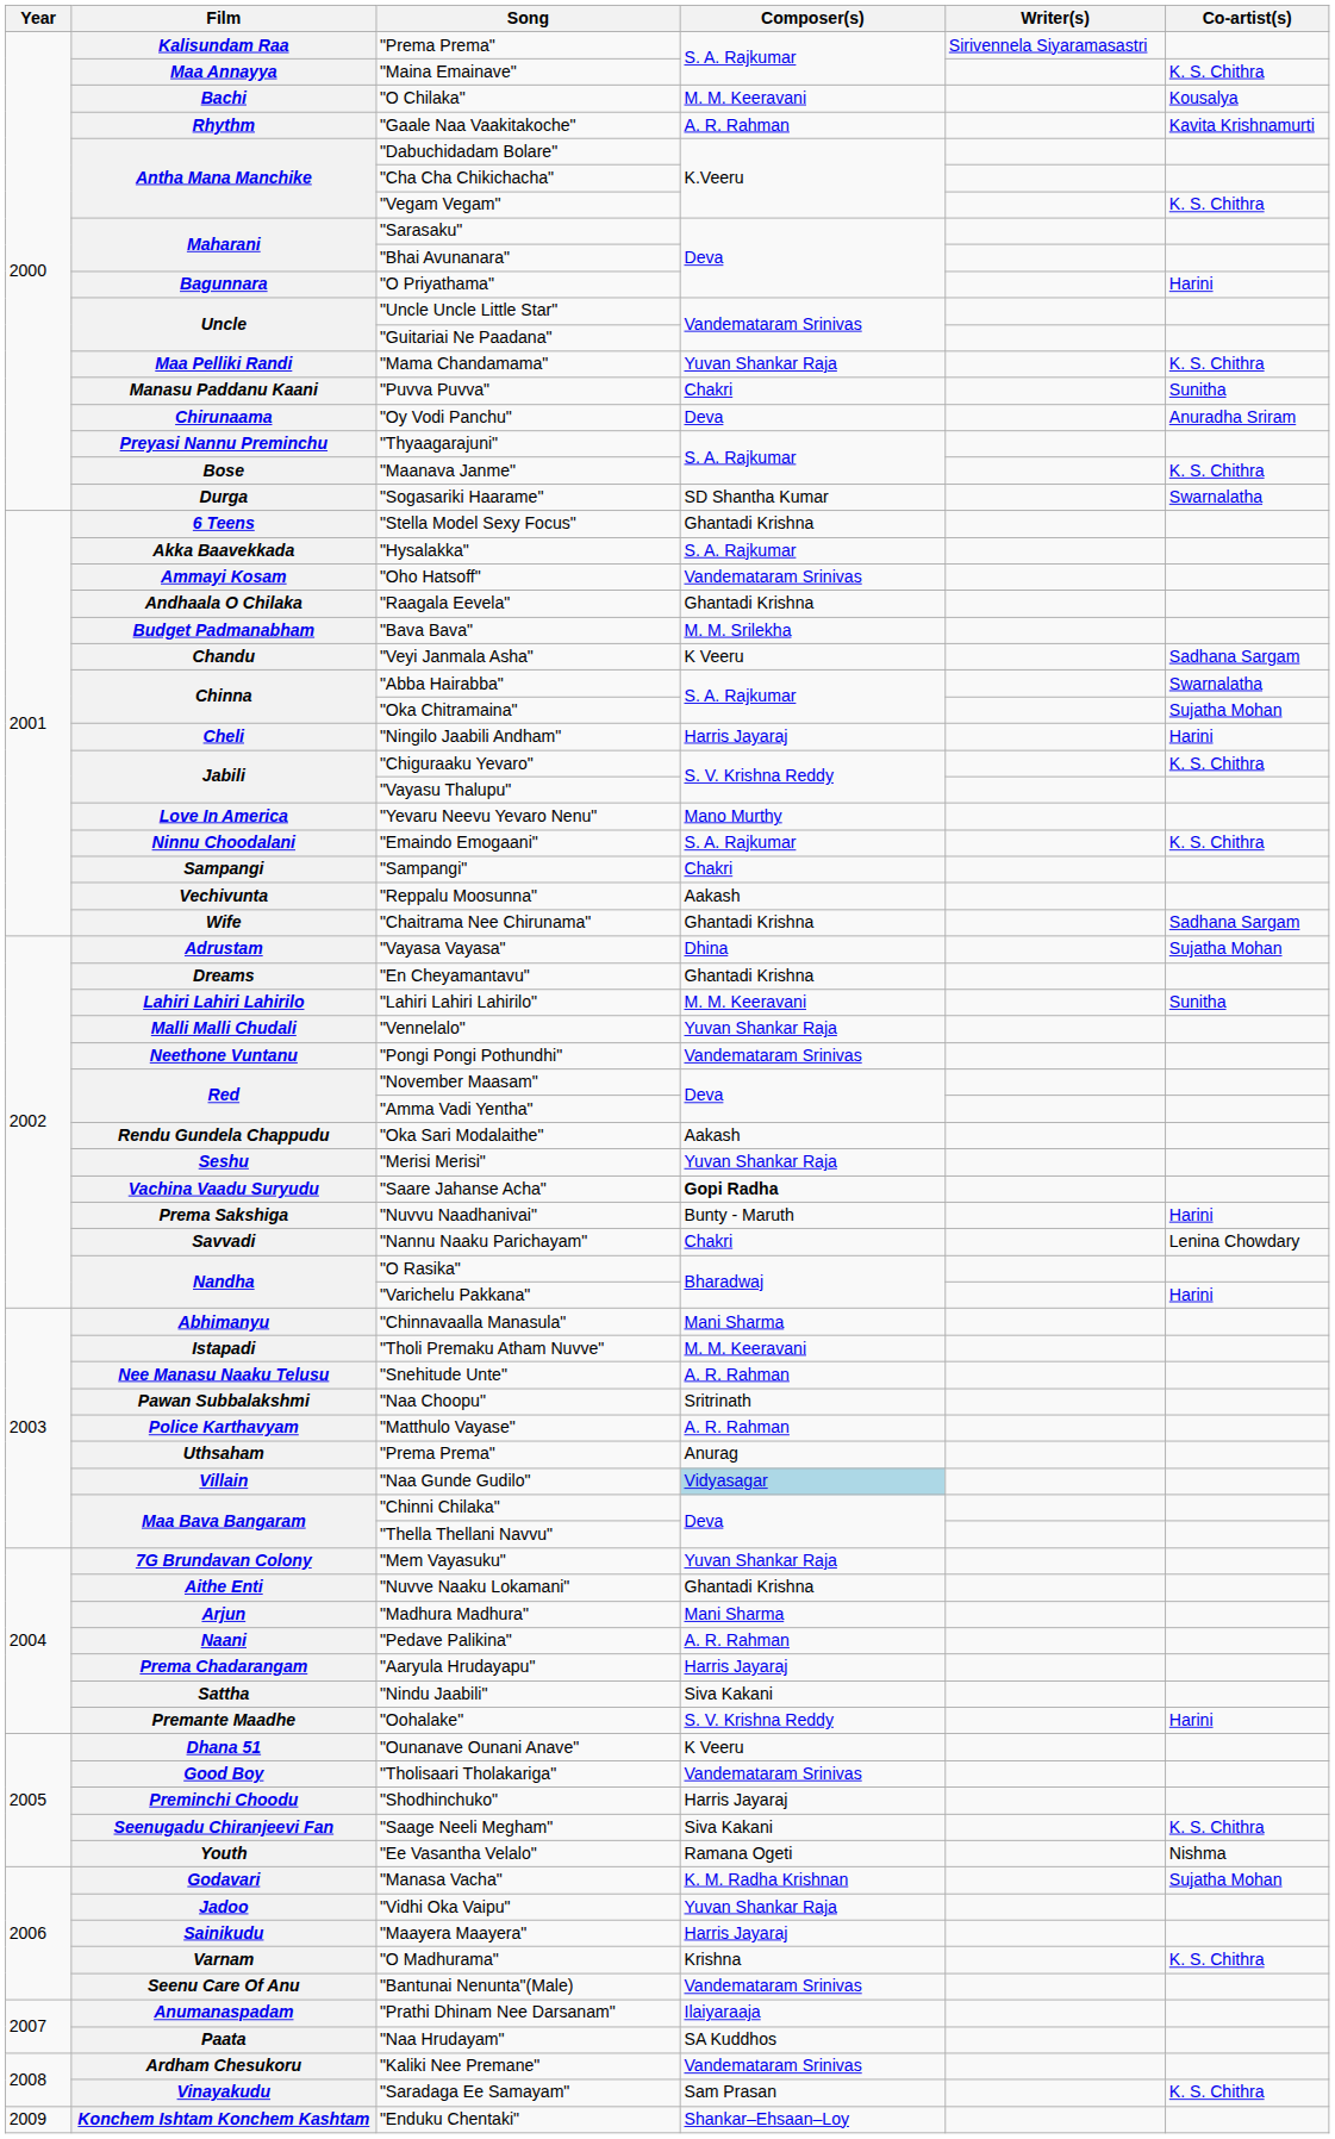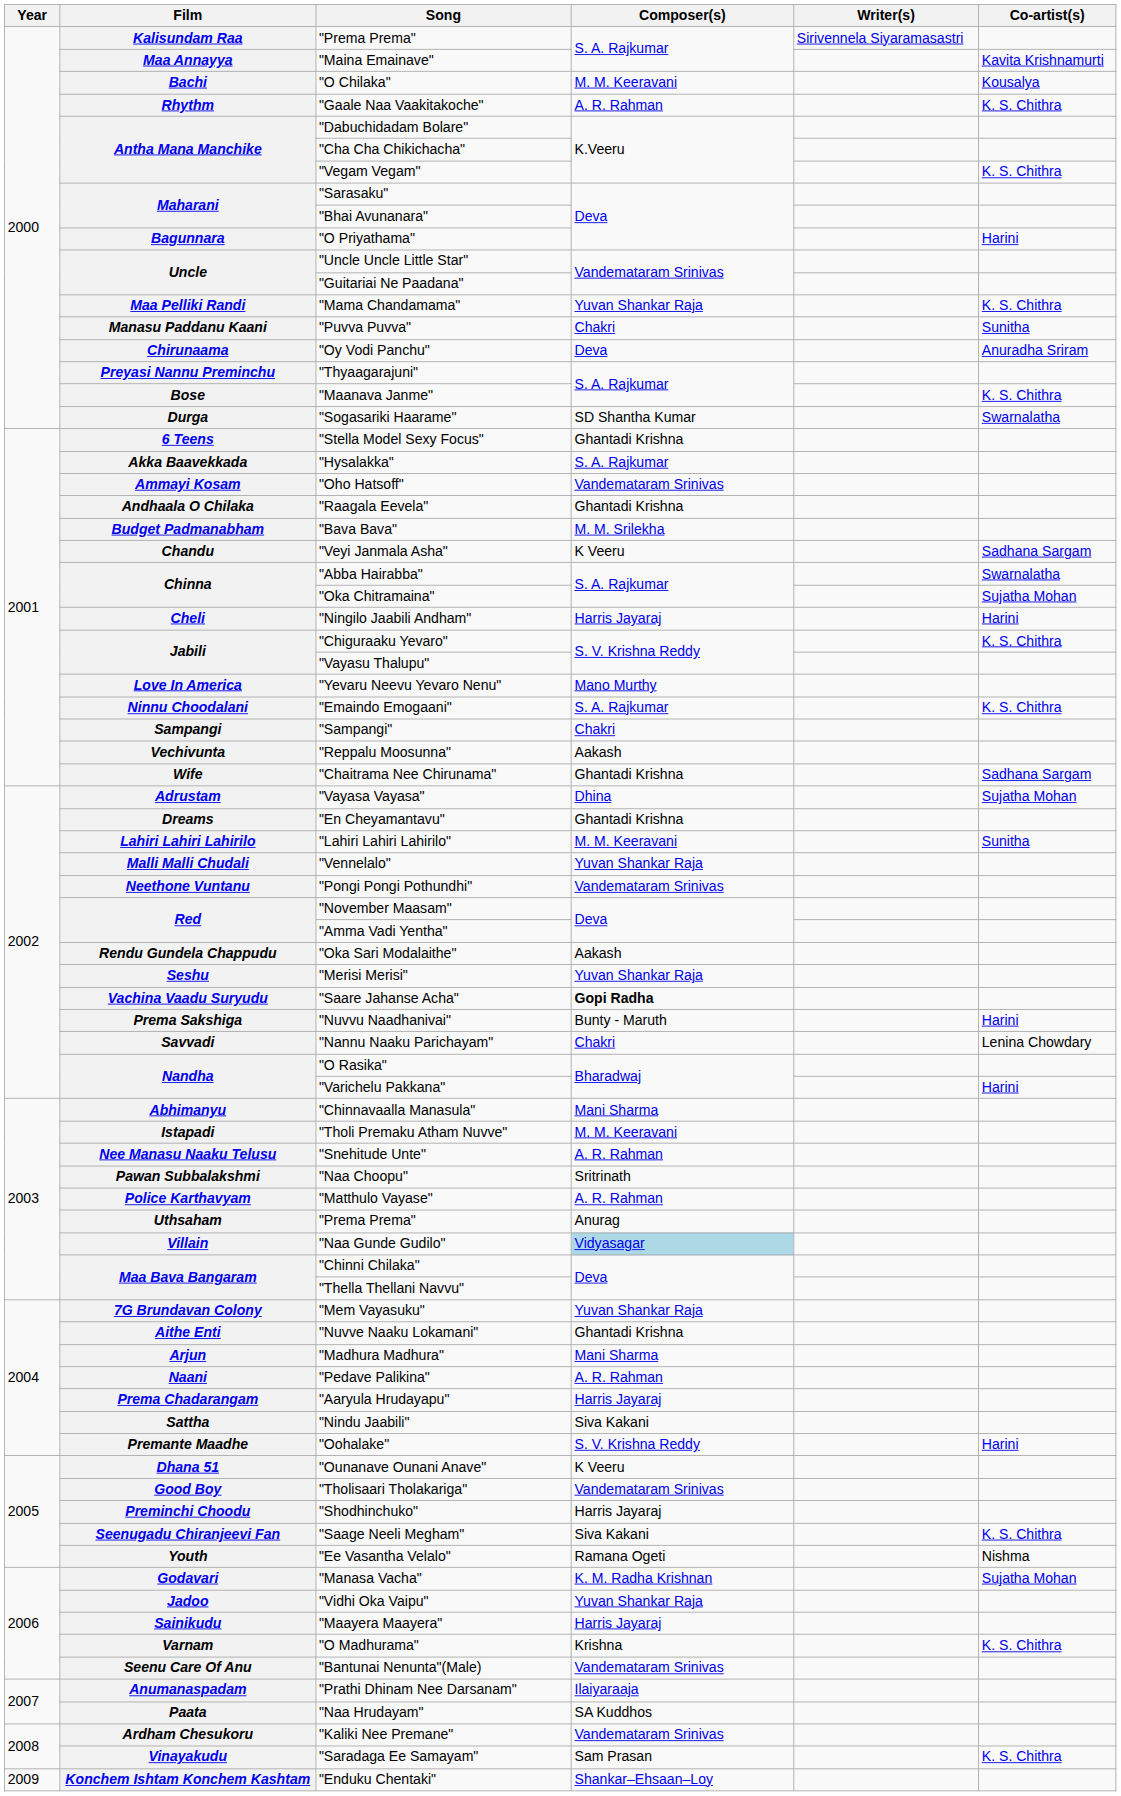 <table class="wikitable plainrowheaders" width="100%" textcolor:#000;">
 <tr style="background:#b0e0e66;">
 <th scope="col" width=5%><strong>Year</strong></th>
 <th scope="col" width=23%><strong>Film</strong></th>
 <th scope="col" width=23%><strong>Song</strong></th>
 <th scope="col" width=20%><strong>Composer(s)</strong></th>
 <th>Writer(s)</th>
 <th>Co-artist(s)</th>
 </tr>
 <tr>
 <td rowspan="18">2000</td>
 <th><em><a href='#'>Kalisundam Raa</a></em></th>
 <td>"Prema Prema"</td>
 <td rowspan="2"><a href='#'>S. A. Rajkumar</a></td>
 <td><a href='#'>Sirivennela Siyaramasastri</a></td>
 <td></td>
 </tr>
 <tr>
 <th><em><a href='#'>Maa Annayya</a></em></th>
 <td>"Maina Emainave"</td>
 <td></td>
-<td><a href='#'>K. S. Chithra</a></td>
+<td><a href='#'>Kavita Krishnamurti</a></td>
 </tr>
 <tr>
 <th><em><a href='#'>Bachi</a></em></th>
 <td>"O Chilaka"</td>
 <td><a href='#'>M. M. Keeravani</a></td>
 <td></td>
 <td><a href='#'>Kousalya</a></td>
 </tr>
 <tr>
 <th><em><a href='#'>Rhythm</a></em></th>
 <td>"Gaale Naa Vaakitakoche"</td>
 <td><a href='#'>A. R. Rahman</a></td>
 <td></td>
-<td><a href='#'>Kavita Krishnamurti</a></td>
+<td><a href='#'>K. S. Chithra</a></td>
 </tr>
 <tr>
 <th rowspan="3"><em><a href='#'>Antha Mana Manchike</a></em></th>
 <td>"Dabuchidadam Bolare"</td>
 <td rowspan="3">K.Veeru</td>
 <td></td>
 <td></td>
 </tr>
 <tr>
 <td>"Cha Cha Chikichacha"</td>
 <td></td>
 <td></td>
 </tr>
 <tr>
 <td>"Vegam Vegam"</td>
 <td></td>
 <td><a href='#'>K. S. Chithra</a></td>
 </tr>
 <tr>
 <th rowspan="2"><em><a href='#'>Maharani</a></em></th>
 <td>"Sarasaku"</td>
 <td rowspan="3"><a href='#'>Deva</a></td>
 <td></td>
 <td></td>
 </tr>
 <tr>
 <td>"Bhai Avunanara"</td>
 <td></td>
 <td></td>
 </tr>
 <tr>
 <th><em><a href='#'>Bagunnara</a></em></th>
 <td>"O Priyathama"</td>
 <td></td>
 <td><a href='#'>Harini</a></td>
 </tr>
 <tr>
 <th rowspan="2"><em>Uncle</em></th>
 <td>"Uncle Uncle Little Star"</td>
 <td rowspan="2"><a href='#'>Vandemataram Srinivas</a></td>
 <td></td>
 <td></td>
 </tr>
 <tr>
 <td>"Guitariai Ne Paadana"</td>
 <td></td>
 <td></td>
 </tr>
 <tr>
 <th><em><a href='#'>Maa Pelliki Randi</a></em></th>
 <td>"Mama Chandamama"</td>
 <td><a href='#'>Yuvan Shankar Raja</a></td>
 <td></td>
 <td><a href='#'>K. S. Chithra</a></td>
 </tr>
 <tr>
 <th><em>Manasu Paddanu Kaani</em></th>
 <td>"Puvva Puvva"</td>
 <td><a href='#'>Chakri</a></td>
 <td></td>
 <td><a href='#'>Sunitha</a></td>
 </tr>
 <tr>
 <th><em><a href='#'>Chirunaama</a></em></th>
 <td>"Oy Vodi Panchu"</td>
 <td><a href='#'>Deva</a></td>
 <td></td>
 <td><a href='#'>Anuradha Sriram</a></td>
 </tr>
 <tr>
 <th><a href='#'><em>Preyasi Nannu Preminchu</em></a></th>
 <td>"Thyaagarajuni"</td>
 <td rowspan="2"><a href='#'>S. A. Rajkumar</a></td>
 <td></td>
 <td></td>
 </tr>
 <tr>
 <th><em>Bose</em></th>
 <td>"Maanava Janme"</td>
 <td></td>
 <td><a href='#'>K. S. Chithra</a></td>
 </tr>
 <tr>
 <th><em>Durga</em></th>
 <td>"Sogasariki Haarame"</td>
 <td>SD Shantha Kumar</td>
 <td></td>
 <td><a href='#'>Swarnalatha</a></td>
 </tr>
 <tr>
 <td rowspan="16">2001</td>
 <th><em><a href='#'>6 Teens</a></em></th>
 <td>"Stella Model Sexy Focus"</td>
 <td>Ghantadi Krishna</td>
 <td></td>
 <td></td>
 </tr>
 <tr>
 <th><em>Akka Baavekkada</em></th>
 <td>"Hysalakka"</td>
 <td><a href='#'>S. A. Rajkumar</a></td>
 <td></td>
 <td></td>
 </tr>
 <tr>
 <th><em><a href='#'>Ammayi Kosam</a></em></th>
 <td>"Oho Hatsoff"</td>
 <td><a href='#'>Vandemataram Srinivas</a></td>
 <td></td>
 <td></td>
 </tr>
 <tr>
 <th><em>Andhaala O Chilaka</em></th>
 <td>"Raagala Eevela"</td>
 <td>Ghantadi Krishna</td>
 <td></td>
 <td></td>
 </tr>
 <tr>
 <th><em><a href='#'>Budget Padmanabham</a></em></th>
 <td>"Bava Bava"</td>
 <td><a href='#'>M. M. Srilekha</a></td>
 <td></td>
 <td></td>
 </tr>
 <tr>
 <th><em>Chandu</em></th>
 <td>"Veyi Janmala Asha"</td>
 <td>K Veeru</td>
 <td></td>
 <td><a href='#'>Sadhana Sargam</a></td>
 </tr>
 <tr>
 <th rowspan="2"><em>Chinna</em></th>
 <td>"Abba Hairabba"</td>
 <td rowspan="2"><a href='#'>S. A. Rajkumar</a></td>
 <td></td>
 <td><a href='#'>Swarnalatha</a></td>
 </tr>
 <tr>
 <td>"Oka Chitramaina"</td>
 <td></td>
 <td><a href='#'>Sujatha Mohan</a></td>
 </tr>
 <tr>
 <th><em><a href='#'>Cheli</a></em></th>
 <td>"Ningilo Jaabili Andham"</td>
 <td><a href='#'>Harris Jayaraj</a></td>
 <td></td>
 <td><a href='#'>Harini</a></td>
 </tr>
 <tr>
 <th rowspan="2"><em>Jabili</em></th>
 <td>"Chiguraaku Yevaro"</td>
 <td rowspan="2"><a href='#'>S. V. Krishna Reddy</a></td>
 <td></td>
 <td><a href='#'>K. S. Chithra</a></td>
 </tr>
 <tr>
 <td>"Vayasu Thalupu"</td>
 <td></td>
 <td></td>
 </tr>
 <tr>
 <th><a href='#'><em>Love In America</em></a></th>
 <td>"Yevaru Neevu Yevaro Nenu"</td>
 <td><a href='#'>Mano Murthy</a></td>
 <td></td>
 <td></td>
 </tr>
 <tr>
 <th><em><a href='#'>Ninnu Choodalani</a></em></th>
 <td>"Emaindo Emogaani"</td>
 <td><a href='#'>S. A. Rajkumar</a></td>
 <td></td>
 <td><a href='#'>K. S. Chithra</a></td>
 </tr>
 <tr>
 <th><em>Sampangi</em></th>
 <td>"Sampangi"</td>
 <td><a href='#'>Chakri</a></td>
 <td></td>
 <td></td>
 </tr>
 <tr>
 <th><em>Vechivunta</em></th>
 <td>"Reppalu Moosunna"</td>
 <td>Aakash</td>
 <td></td>
 <td></td>
 </tr>
 <tr>
 <th><em>Wife</em></th>
 <td>"Chaitrama Nee Chirunama"</td>
 <td>Ghantadi Krishna</td>
 <td></td>
 <td><a href='#'>Sadhana Sargam</a></td>
 </tr>
 <tr>
 <td rowspan="14">2002</td>
 <th><em><a href='#'>Adrustam</a></em></th>
 <td>"Vayasa Vayasa"</td>
 <td><a href='#'>Dhina</a></td>
 <td></td>
 <td><a href='#'>Sujatha Mohan</a></td>
 </tr>
 <tr>
 <th><em>Dreams</em></th>
 <td>"En Cheyamantavu"</td>
 <td>Ghantadi Krishna</td>
 <td></td>
 <td></td>
 </tr>
 <tr>
 <th><em><a href='#'>Lahiri Lahiri Lahirilo</a></em></th>
 <td>"Lahiri Lahiri Lahirilo"</td>
 <td><a href='#'>M. M. Keeravani</a></td>
 <td></td>
 <td><a href='#'>Sunitha</a></td>
 </tr>
 <tr>
 <th><em><a href='#'>Malli Malli Chudali</a></em></th>
 <td>"Vennelalo"</td>
 <td><a href='#'>Yuvan Shankar Raja</a></td>
 <td></td>
 <td></td>
 </tr>
 <tr>
 <th><em><a href='#'>Neethone Vuntanu</a></em></th>
 <td>"Pongi Pongi Pothundhi"</td>
 <td><a href='#'>Vandemataram Srinivas</a></td>
 <td></td>
 <td></td>
 </tr>
 <tr>
 <th rowspan="2"><em><a href='#'>Red</a></em></th>
 <td>"November Maasam"</td>
 <td rowspan="2"><a href='#'>Deva</a></td>
 <td></td>
 <td></td>
 </tr>
 <tr>
 <td>"Amma Vadi Yentha"</td>
 <td></td>
 <td></td>
 </tr>
 <tr>
 <th><em>Rendu Gundela Chappudu</em></th>
 <td>"Oka Sari Modalaithe"</td>
 <td>Aakash</td>
 <td></td>
 <td></td>
 </tr>
 <tr>
 <th><em><a href='#'>Seshu</a></em></th>
 <td>"Merisi Merisi"</td>
 <td><a href='#'>Yuvan Shankar Raja</a></td>
 <td></td>
 <td></td>
 </tr>
 <tr>
 <th><em><a href='#'>Vachina Vaadu Suryudu</a></em></th>
 <td>"Saare Jahanse Acha"</td>
 <td><strong>Gopi Radha</strong></td>
 <td></td>
 <td></td>
 </tr>
 <tr>
 <th><em>Prema Sakshiga</em></th>
 <td>"Nuvvu Naadhanivai"</td>
 <td>Bunty - Maruth</td>
 <td></td>
 <td><a href='#'>Harini</a></td>
 </tr>
 <tr>
 <th><em>Savvadi</em></th>
 <td>"Nannu Naaku Parichayam"</td>
 <td><a href='#'>Chakri</a></td>
 <td></td>
 <td>Lenina Chowdary</td>
 </tr>
 <tr>
 <th rowspan="2"><em><a href='#'>Nandha</a></em></th>
 <td>"O Rasika"</td>
 <td rowspan="2"><a href='#'>Bharadwaj</a></td>
 <td></td>
 <td></td>
 </tr>
 <tr>
 <td>"Varichelu Pakkana"</td>
 <td></td>
 <td><a href='#'>Harini</a></td>
 </tr>
 <tr>
 <td rowspan="9">2003</td>
 <th><a href='#'><em>Abhimanyu</em></a></th>
 <td>"Chinnavaalla Manasula"</td>
 <td><a href='#'>Mani Sharma</a></td>
 <td></td>
 <td></td>
 </tr>
 <tr>
 <th><em>Istapadi</em></th>
 <td>"Tholi Premaku Atham Nuvve"</td>
 <td><a href='#'>M. M. Keeravani</a></td>
 <td></td>
 <td></td>
 </tr>
 <tr>
 <th><em><a href='#'>Nee Manasu Naaku Telusu</a></em></th>
 <td>"Snehitude Unte"</td>
 <td><a href='#'>A. R. Rahman</a></td>
 <td></td>
 <td></td>
 </tr>
 <tr>
 <th><em>Pawan Subbalakshmi</em></th>
 <td>"Naa Choopu"</td>
 <td>Sritrinath</td>
 <td></td>
 <td></td>
 </tr>
 <tr>
 <th><a href='#'><em>Police Karthavyam</em></a></th>
 <td>"Matthulo Vayase"</td>
 <td><a href='#'>A. R. Rahman</a></td>
 <td></td>
 <td></td>
 </tr>
 <tr>
 <th><em>Uthsaham</em></th>
 <td>"Prema Prema"</td>
 <td>Anurag</td>
 <td></td>
 <td></td>
 </tr>
 <tr>
 <th><a href='#'><em>Villain</em></a></th>
 <td>"Naa Gunde Gudilo"</td>
 <td style="background: lightblue;"><a href='#'>Vidyasagar</a></td>
 <td></td>
 <td></td>
 </tr>
 <tr>
 <th rowspan="2"><a href='#'><em>Maa Bava Bangaram</em></a></th>
 <td>"Chinni Chilaka"</td>
 <td rowspan="2"><a href='#'>Deva</a></td>
 <td></td>
 <td></td>
 </tr>
 <tr>
 <td>"Thella Thellani Navvu"</td>
 <td></td>
 <td></td>
 </tr>
 <tr>
 <td rowspan="7">2004</td>
 <th><em><a href='#'>7G Brundavan Colony</a></em></th>
 <td>"Mem Vayasuku"</td>
 <td><a href='#'>Yuvan Shankar Raja</a></td>
 <td></td>
 <td></td>
 </tr>
 <tr>
 <th><a href='#'><em>Aithe Enti</em></a></th>
 <td>"Nuvve Naaku Lokamani"</td>
 <td>Ghantadi Krishna</td>
 <td></td>
 <td></td>
 </tr>
 <tr>
 <th><em><a href='#'>Arjun</a></em></th>
 <td>"Madhura Madhura"</td>
 <td><a href='#'>Mani Sharma</a></td>
 <td></td>
 <td></td>
 </tr>
 <tr>
 <th><em><a href='#'>Naani</a></em></th>
 <td>"Pedave Palikina"</td>
 <td><a href='#'>A. R. Rahman</a></td>
 <td></td>
 <td></td>
 </tr>
 <tr>
 <th><a href='#'><em>Prema Chadarangam</em></a></th>
 <td>"Aaryula Hrudayapu"</td>
 <td><a href='#'>Harris Jayaraj</a></td>
 <td></td>
 <td></td>
 </tr>
 <tr>
 <th><em>Sattha</em></th>
 <td>"Nindu Jaabili"</td>
 <td>Siva Kakani</td>
 <td></td>
 <td></td>
 </tr>
 <tr>
 <th><em>Premante Maadhe</em></th>
 <td>"Oohalake"</td>
 <td><a href='#'>S. V. Krishna Reddy</a></td>
 <td></td>
 <td><a href='#'>Harini</a></td>
 </tr>
 <tr>
 <td rowspan="5">2005</td>
 <th><a href='#'><em>Dhana 51</em></a></th>
 <td>"Ounanave Ounani Anave"</td>
 <td>K Veeru</td>
 <td></td>
 <td></td>
 </tr>
 <tr>
 <th><a href='#'><em>Good Boy</em></a></th>
 <td>"Tholisaari Tholakariga"</td>
 <td><a href='#'>Vandemataram Srinivas</a></td>
 <td></td>
 <td></td>
 </tr>
 <tr>
 <th><em><a href='#'>Preminchi Choodu</a></em></th>
 <td>"Shodhinchuko"</td>
 <td>Harris Jayaraj</td>
 <td></td>
 <td></td>
 </tr>
 <tr>
 <th><em><a href='#'>Seenugadu Chiranjeevi Fan</a></em></th>
 <td>"Saage Neeli Megham"</td>
 <td>Siva Kakani</td>
 <td></td>
 <td><a href='#'>K. S. Chithra</a></td>
 </tr>
 <tr>
 <th><em>Youth</em></th>
 <td>"Ee Vasantha Velalo"</td>
 <td>Ramana Ogeti</td>
 <td></td>
 <td>Nishma</td>
 </tr>
 <tr>
 <td rowspan="5">2006</td>
 <th><a href='#'><em>Godavari</em></a></th>
 <td>"Manasa Vacha"</td>
 <td><a href='#'>K. M. Radha Krishnan</a></td>
 <td></td>
 <td><a href='#'>Sujatha Mohan</a></td>
 </tr>
 <tr>
 <th><em><a href='#'>Jadoo</a></em></th>
 <td>"Vidhi Oka Vaipu"</td>
 <td><a href='#'>Yuvan Shankar Raja</a></td>
 <td></td>
 <td></td>
 </tr>
 <tr>
 <th><em><a href='#'>Sainikudu</a></em></th>
 <td>"Maayera Maayera"</td>
 <td><a href='#'>Harris Jayaraj</a></td>
 <td></td>
 <td></td>
 </tr>
 <tr>
 <th><em>Varnam</em></th>
 <td>"O Madhurama"</td>
 <td>Krishna</td>
 <td></td>
 <td><a href='#'>K. S. Chithra</a></td>
 </tr>
 <tr>
 <th><em>Seenu Care Of Anu</em></th>
 <td>"Bantunai Nenunta"(Male)</td>
 <td><a href='#'>Vandemataram Srinivas</a></td>
 <td></td>
 <td></td>
 </tr>
 <tr>
 <td rowspan="2">2007</td>
 <th><em><a href='#'>Anumanaspadam</a></em></th>
 <td>"Prathi Dhinam Nee Darsanam"</td>
 <td><a href='#'>Ilaiyaraaja</a></td>
 <td></td>
 <td></td>
 </tr>
 <tr>
 <th><em>Paata</em></th>
 <td>"Naa Hrudayam"</td>
 <td>SA Kuddhos</td>
 <td></td>
 <td></td>
 </tr>
 <tr>
 <td rowspan="2">2008</td>
 <th><em>Ardham Chesukoru</em></th>
 <td>"Kaliki Nee Premane"</td>
 <td><a href='#'>Vandemataram Srinivas</a></td>
 <td></td>
 <td></td>
 </tr>
 <tr>
 <th><a href='#'><em>Vinayakudu</em></a></th>
 <td>"Saradaga Ee Samayam"</td>
 <td>Sam Prasan</td>
 <td></td>
 <td><a href='#'>K. S. Chithra</a></td>
 </tr>
 <tr>
 <td>2009</td>
 <th><em><a href='#'>Konchem Ishtam Konchem Kashtam</a></em></th>
 <td>"Enduku Chentaki"</td>
 <td><a href='#'>Shankar–Ehsaan–Loy</a></td>
 <td></td>
 <td></td>
 </tr>
 </table>
